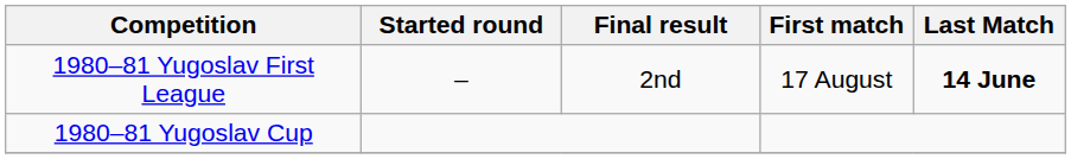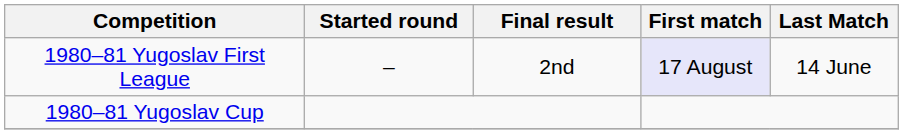 <table class="wikitable" style="text-align: center;">
 <tr>
 <th width="220">Competition</th>
 <th width="120">Started round</th>
 <th width="120">Final result</th>
 <th width="90">First match</th>
 <th width="90">Last Match</th>
 </tr>
 <tr>
 <td><a href='#'>1980–81 Yugoslav First League</a></td>
 <td>–</td>
 <td>2nd</td>
-<td>17 August</td>
-<td><strong>14 June</strong></td>
+<td style="background: lavender;">17 August</td>
+<td>14 June</td>
 </tr>
 <tr>
 <td><a href='#'>1980–81 Yugoslav Cup</a></td>
 <td colspan=2></td>
 <td colspan=2></td>
 </tr>
 <tr>
 </tr>
 </table>
